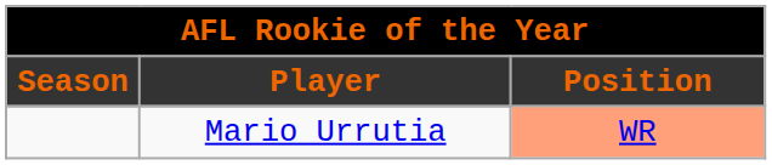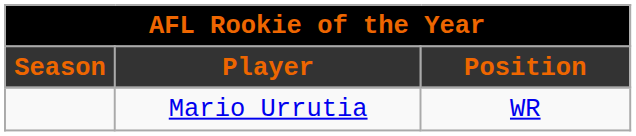 <table class="wikitable sortable" style="text-align:center">
 <tr>
 <td colspan="4" style="background:#000; color:#e60;"><strong>AFL Rookie of the Year</strong></td>
 </tr>
 <tr>
 <th style="width:50px; background:#333; color:#e60;">Season</th>
 <th style="width:150px; background:#333; color:#e60;">Player</th>
 <th style="width:100px; background:#333; color:#e60;">Position</th>
 </tr>
 <tr>
 <td></td>
 <td><a href='#'>Mario Urrutia</a></td>
-<td style="background: lightsalmon;"><a href='#'>WR</a></td>
+<td><a href='#'>WR</a></td>
 </tr>
 </table>
